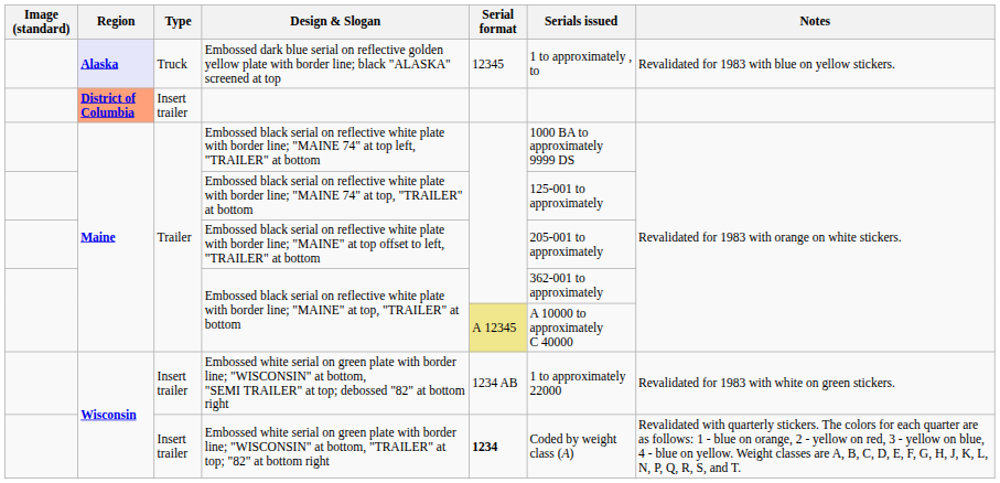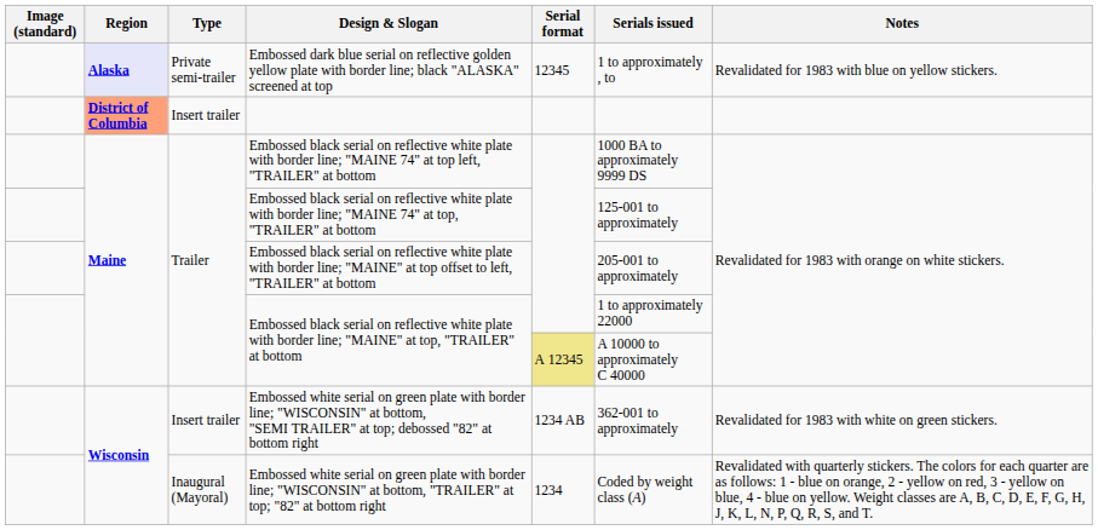 <table class="wikitable">
 <tr>
 <th>Image (standard)</th>
 <th>Region</th>
 <th>Type</th>
 <th>Design & Slogan</th>
 <th>Serial format</th>
 <th>Serials issued</th>
 <th>Notes</th>
 </tr>
 <tr>
 <td></td>
 <td style="background: lavender;"><a href='#'><strong>Alaska</strong></a></td>
-<td>Truck</td>
+<td>Private semi-trailer</td>
 <td>Embossed dark blue serial on reflective golden yellow plate with border line; black "ALASKA" screened at top</td>
 <td>12345</td>
 <td>1 to approximately ,  to </td>
 <td>Revalidated for 1983 with blue on yellow stickers.</td>
 </tr>
 <tr>
 <td></td>
 <td style="background: lightsalmon;"><a href='#'><strong>District of Columbia</strong></a></td>
 <td>Insert trailer</td>
 <td></td>
 <td></td>
 <td></td>
 <td></td>
 </tr>
 <tr>
 <td></td>
 <td rowspan="5"><a href='#'><strong>Maine</strong></a></td>
 <td rowspan="5">Trailer</td>
 <td>Embossed black serial on reflective white plate with border line; "MAINE 74" at top left, "TRAILER" at bottom</td>
 <td rowspan="4"></td>
 <td>1000 BA to approximately 9999 DS</td>
 <td rowspan="5">Revalidated for 1983 with orange on white stickers.</td>
 </tr>
 <tr>
 <td></td>
 <td>Embossed black serial on reflective white plate with border line; "MAINE 74" at top, "TRAILER" at bottom</td>
 <td>125-001 to approximately </td>
 </tr>
 <tr>
 <td></td>
 <td>Embossed black serial on reflective white plate with border line; "MAINE" at top offset to left, "TRAILER" at bottom</td>
 <td>205-001 to approximately </td>
 </tr>
 <tr>
 <td rowspan="2"></td>
 <td rowspan="2">Embossed black serial on reflective white plate with border line; "MAINE" at top, "TRAILER" at bottom</td>
-<td>362-001 to approximately </td>
+<td> 1 to approximately 22000</td>
 </tr>
 <tr>
 <td style="background: khaki;">A 12345</td>
 <td>A 10000 to approximately C 40000</td>
 </tr>
 <tr>
 <td></td>
 <td rowspan="2"><a href='#'><strong>Wisconsin</strong></a></td>
 <td>Insert trailer</td>
 <td>Embossed white serial on green plate with border line; "WISCONSIN" at bottom, "SEMI TRAILER" at top; debossed "82" at bottom right</td>
 <td>1234 AB</td>
-<td> 1 to approximately 22000</td>
+<td>362-001 to approximately </td>
 <td>Revalidated for 1983 with white on green stickers.</td>
 </tr>
 <tr>
 <td></td>
-<td>Insert trailer</td>
+<td>Inaugural (Mayoral)</td>
 <td>Embossed white serial on green plate with border line; "WISCONSIN" at bottom, "TRAILER" at top; "82" at bottom right</td>
-<td><strong>1234</strong></td>
+<td>1234</td>
 <td>Coded by weight class (<em>A</em>)</td>
 <td>Revalidated with quarterly stickers. The colors for each quarter are as follows: 1 - blue on orange, 2 - yellow on red, 3 - yellow on blue, 4 - blue on yellow. Weight classes are A, B, C, D, E, F, G, H, J, K, L, N, P, Q, R, S, and T.</td>
 </tr>
 </table>
